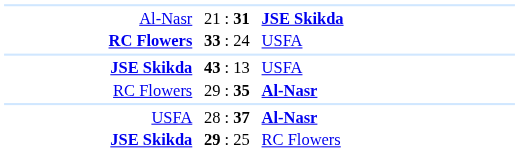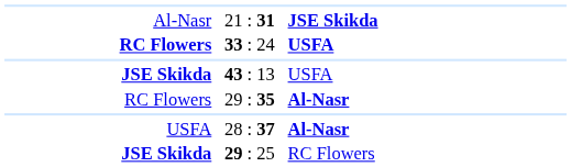 <table style="text-align:center" width=500>
 <tr>
 <th width=30%></th>
 <th width=10%></th>
 <th width=30%></th>
 <th width=10%></th>
 </tr>
 <tr align="left" bgcolor=#D0E7FF>
 <td colspan=4></td>
 </tr>
 <tr>
 <td align="right"><a href='#'>Al-Nasr</a> </td>
 <td>21 : <strong>31</strong></td>
 <td align=left> <strong><a href='#'>JSE Skikda</a></strong></td>
 </tr>
 <tr>
 <td align="right"><strong><a href='#'>RC Flowers</a></strong> </td>
 <td><strong>33</strong> : 24</td>
-<td align=left> <a href='#'>USFA</a></td>
+<td align=left><strong> <a href='#'>USFA</a></strong></td>
 </tr>
 <tr align="left" bgcolor=#D0E7FF>
 <td colspan=4></td>
 </tr>
 <tr>
 <td align="right"><strong><a href='#'>JSE Skikda</a></strong> </td>
 <td><strong>43</strong> : 13</td>
 <td align=left> <a href='#'>USFA</a></td>
 </tr>
 <tr>
 <td align="right"><a href='#'>RC Flowers</a> </td>
 <td>29 : <strong>35</strong></td>
 <td align=left> <strong><a href='#'>Al-Nasr</a></strong></td>
 </tr>
 <tr align="left" bgcolor=#D0E7FF>
 <td colspan=4></td>
 </tr>
 <tr>
 <td align="right"><a href='#'>USFA</a> </td>
 <td>28 : <strong>37</strong></td>
 <td align=left> <strong><a href='#'>Al-Nasr</a></strong></td>
 </tr>
 <tr>
 <td align="right"><strong><a href='#'>JSE Skikda</a></strong> </td>
 <td><strong>29</strong> : 25</td>
 <td align=left> <a href='#'>RC Flowers</a></td>
 </tr>
 </table>
